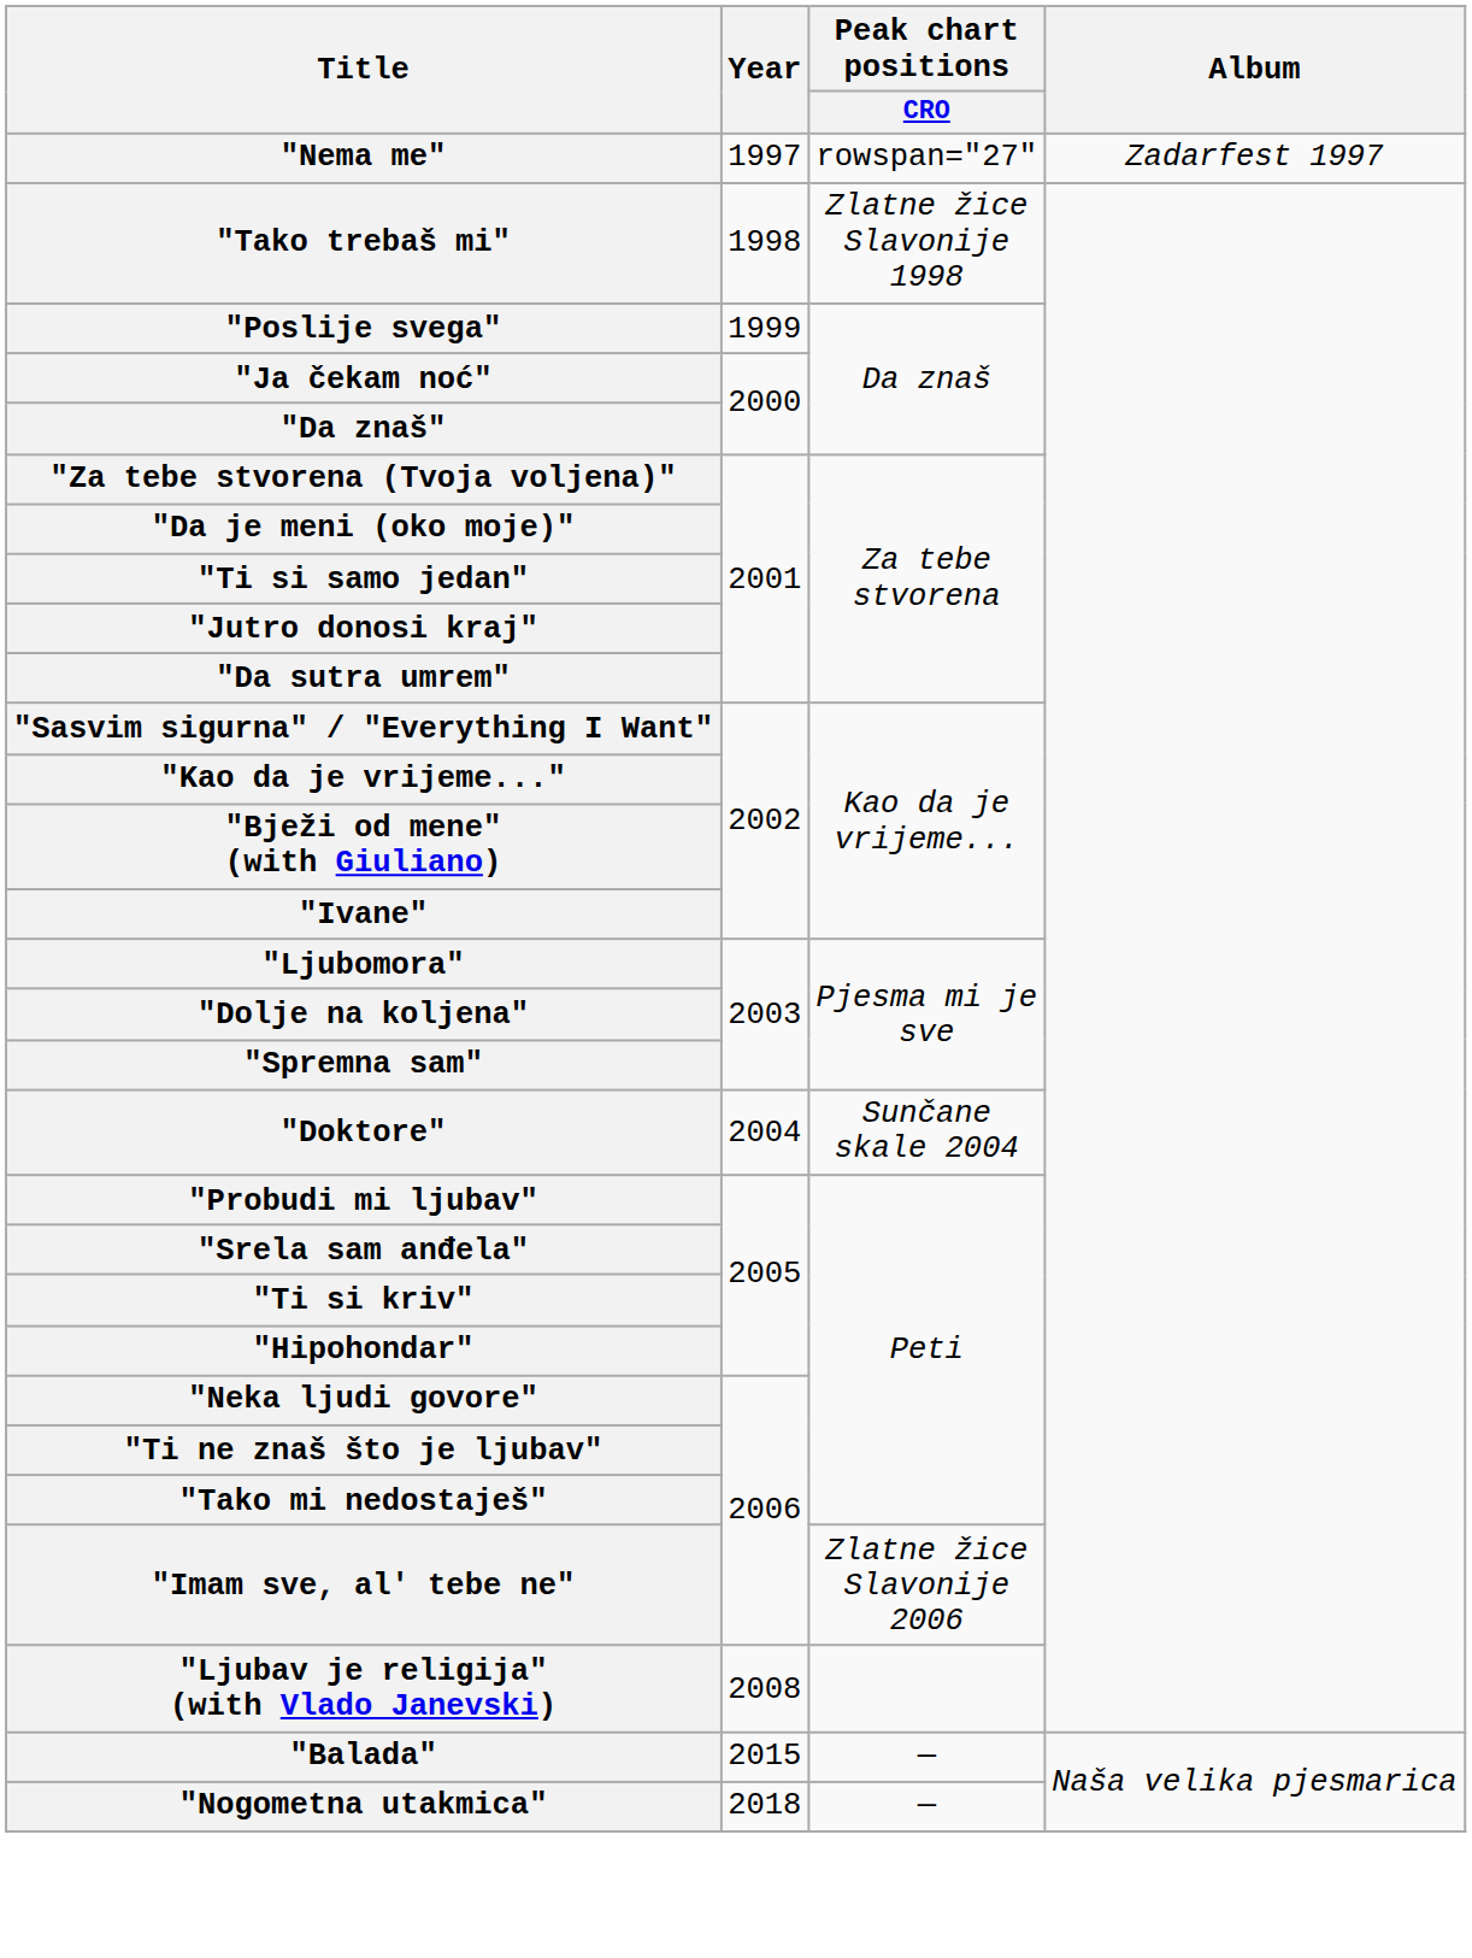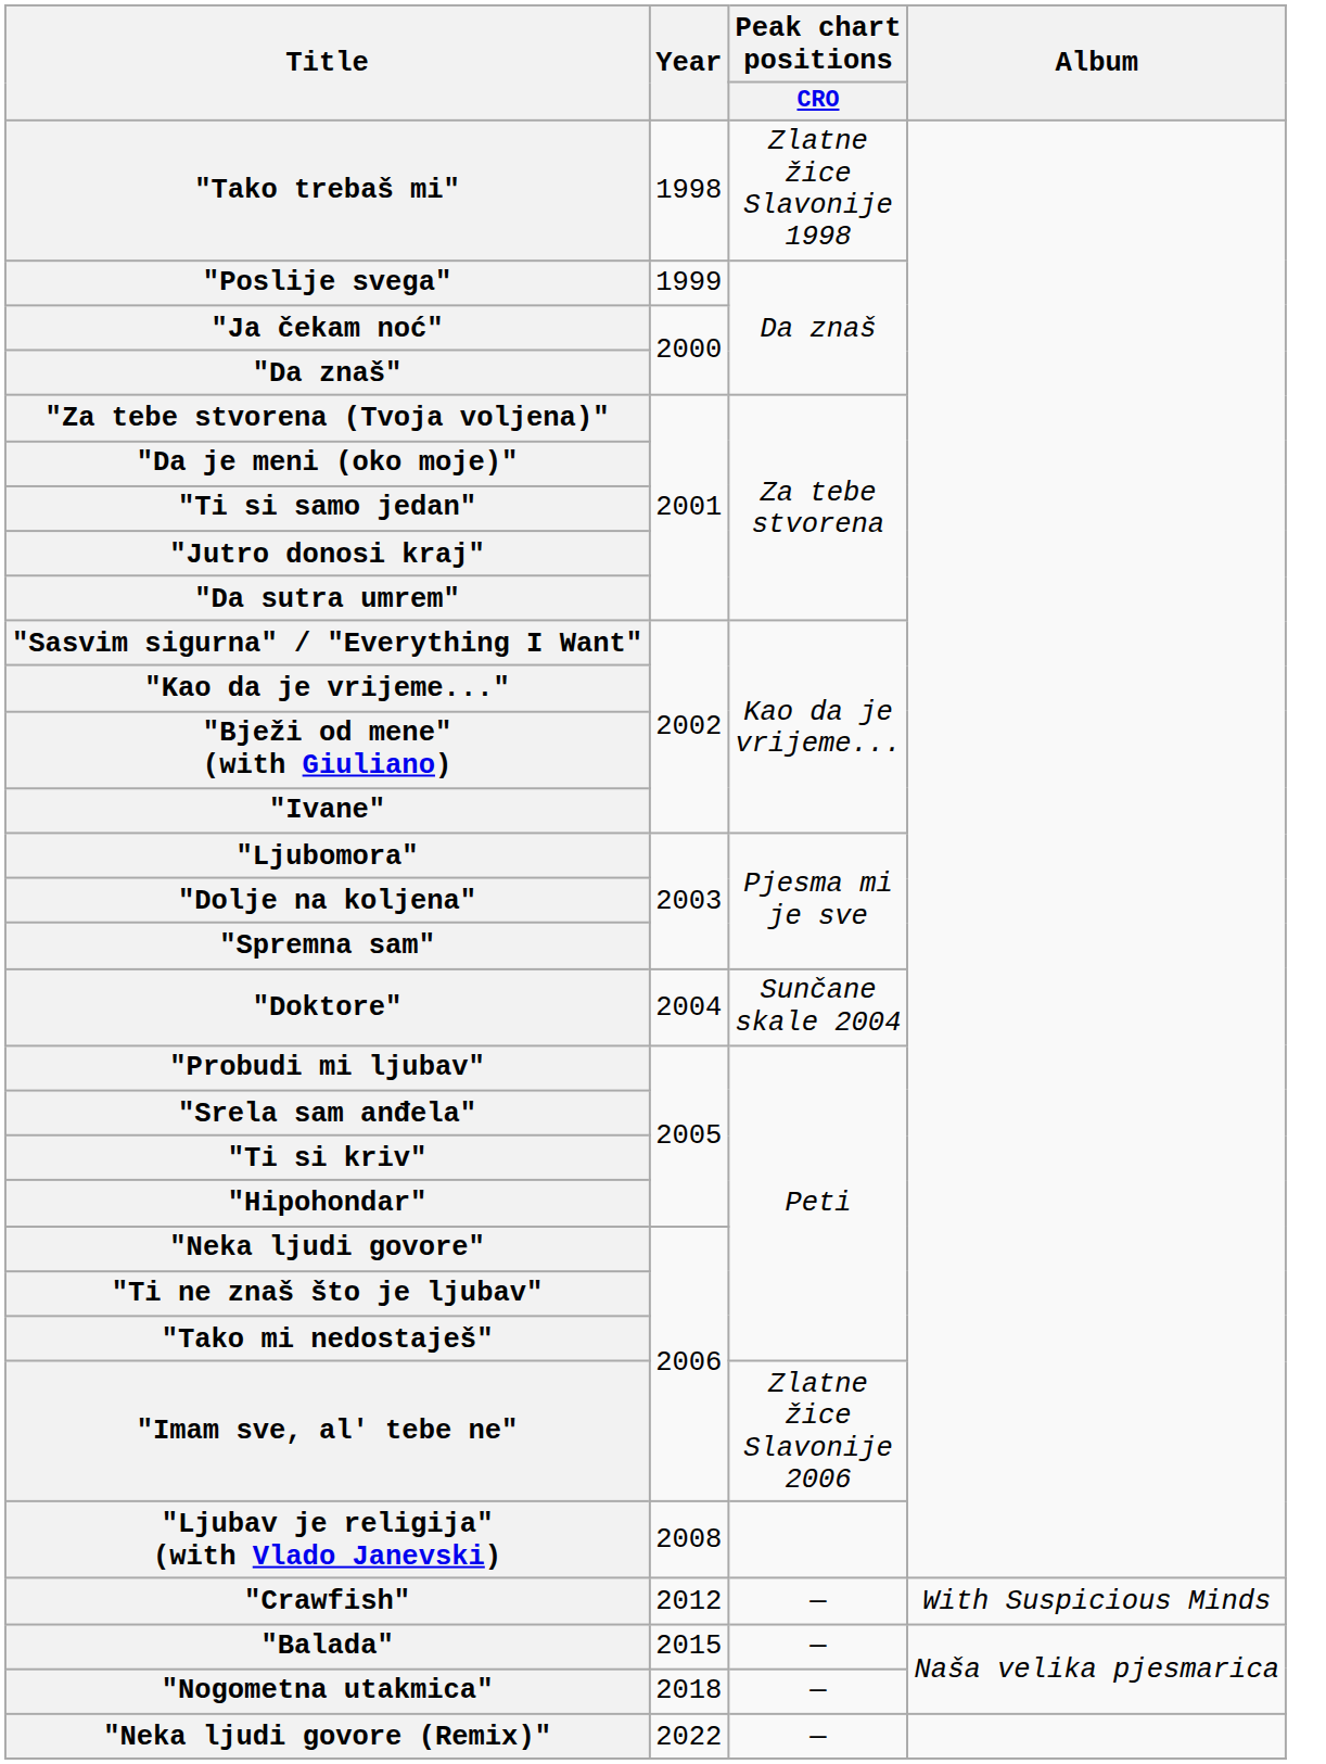 <table class="wikitable plainrowheaders" style="text-align:center;">
 <tr>
 <th scope="col" rowspan="2">Title</th>
 <th scope="col" rowspan="2">Year</th>
 <th scope="col" colspan="1">Peak chart positions</th>
 <th scope="col" rowspan="2">Album</th>
 </tr>
 <tr>
 <th scope="col" style="width:3em; font-size:85%;"><a href='#'>CRO</a><br></th>
-</tr>
-<tr>
-<th scope="row">"Nema me"</th>
-<td>1997</td>
-<td>rowspan="27" </td>
-<td><em>Zadarfest 1997</em></td>
 </tr>
 <tr>
 <th scope="row">"Tako trebaš mi"</th>
 <td>1998</td>
 <td><em>Zlatne žice Slavonije 1998</em></td>
 </tr>
 <tr>
 <th scope="row">"Poslije svega"</th>
 <td>1999</td>
 <td rowspan="3"><em>Da znaš</em></td>
 </tr>
 <tr>
 <th scope="row">"Ja čekam noć"</th>
 <td rowspan="2">2000</td>
 </tr>
 <tr>
 <th scope="row">"Da znaš"</th>
 </tr>
 <tr>
 <th scope="row">"Za tebe stvorena (Tvoja voljena)"</th>
 <td rowspan="5">2001</td>
 <td rowspan="5"><em>Za tebe stvorena</em></td>
 </tr>
 <tr>
 <th scope="row">"Da je meni (oko moje)"</th>
 </tr>
 <tr>
 <th scope="row">"Ti si samo jedan"</th>
 </tr>
 <tr>
 <th scope="row">"Jutro donosi kraj"</th>
 </tr>
 <tr>
 <th scope="row">"Da sutra umrem"</th>
 </tr>
 <tr>
 <th scope="row">"Sasvim sigurna" / "Everything I Want"</th>
 <td rowspan="4">2002</td>
 <td rowspan="4"><em>Kao da je vrijeme...</em></td>
 </tr>
 <tr>
 <th scope="row">"Kao da je vrijeme..."</th>
 </tr>
 <tr>
 <th scope="row">"Bježi od mene"<br><span>(with <a href='#'>Giuliano</a>)</span><br></th>
 </tr>
 <tr>
 <th scope="row">"Ivane"</th>
 </tr>
 <tr>
 <th scope="row">"Ljubomora"</th>
 <td rowspan="3">2003</td>
 <td rowspan="3"><em>Pjesma mi je sve</em></td>
 </tr>
 <tr>
 <th scope="row">"Dolje na koljena"</th>
 </tr>
 <tr>
 <th scope="row">"Spremna sam"</th>
 </tr>
 <tr>
 <th scope="row">"Doktore"</th>
 <td>2004</td>
 <td><em>Sunčane skale 2004</em></td>
 </tr>
 <tr>
 <th scope="row">"Probudi mi ljubav"</th>
 <td rowspan="4">2005</td>
 <td rowspan="7"><em>Peti</em></td>
 </tr>
 <tr>
 <th scope="row">"Srela sam anđela"</th>
 </tr>
 <tr>
 <th scope="row">"Ti si kriv"</th>
 </tr>
 <tr>
 <th scope="row">"Hipohondar"</th>
 </tr>
 <tr>
 <th scope="row">"Neka ljudi govore"</th>
 <td rowspan="4">2006</td>
 </tr>
 <tr>
 <th scope="row">"Ti ne znaš što je ljubav"</th>
 </tr>
 <tr>
 <th scope="row">"Tako mi nedostaješ"</th>
 </tr>
 <tr>
 <th scope="row">"Imam sve, al' tebe ne"</th>
 <td><em>Zlatne žice Slavonije 2006</em></td>
 </tr>
 <tr>
 <th scope="row">"Ljubav je religija"<br><span>(with <a href='#'>Vlado Janevski</a>)</span><br></th>
 <td>2008</td>
 <td></td>
 </tr>
 <tr>
+<th scope="row">"Crawfish"</th>
+<td>2012</td>
+<td>—</td>
+<td><em>With Suspicious Minds</em></td>
+</tr>
+<tr>
 <th scope="row">"Balada"</th>
 <td>2015</td>
 <td>—</td>
 <td rowspan="2"><em>Naša velika pjesmarica</em></td>
 </tr>
 <tr>
 <th scope="row">"Nogometna utakmica"</th>
 <td>2018</td>
 <td>—</td>
 </tr>
 <tr>
+<th scope="row">"Neka ljudi govore (Remix)"</th>
+<td>2022</td>
+<td>—</td>
+<td></td>
+</tr>
+<tr>
 </tr>
 </table>
